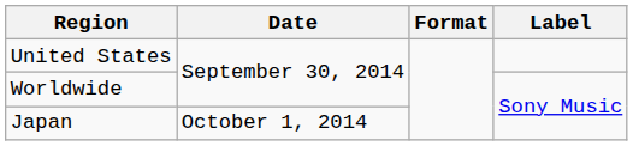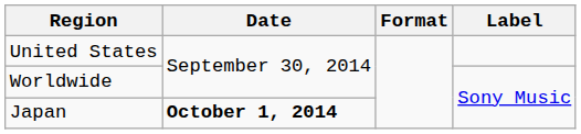 <table class="wikitable">
 <tr>
 <th>Region</th>
 <th>Date</th>
 <th>Format</th>
 <th>Label</th>
 </tr>
 <tr>
 <td>United States</td>
 <td rowspan="2">September 30, 2014</td>
 <td rowspan="3"></td>
 <td></td>
 </tr>
 <tr>
 <td>Worldwide</td>
 <td rowspan="2"><a href='#'>Sony Music</a></td>
 </tr>
 <tr>
 <td>Japan</td>
-<td>October 1, 2014</td>
+<td><strong>October 1, 2014</strong></td>
 </tr>
 </table>
